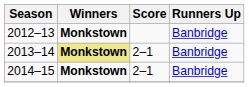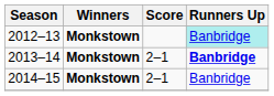 <table class="wikitable collapsible">
 <tr>
 <th>Season</th>
 <th>Winners</th>
 <th>Score</th>
 <th>Runners Up</th>
 </tr>
 <tr>
 <td>2012–13</td>
 <td><strong>Monkstown</strong> </td>
 <td></td>
-<td><a href='#'>Banbridge</a></td>
+<td style="background: paleturquoise;"><a href='#'>Banbridge</a></td>
 </tr>
 <tr>
 <td>2013–14</td>
-<td style="background: khaki;"><strong>Monkstown</strong> </td>
+<td><strong>Monkstown</strong> </td>
 <td>2–1</td>
-<td><a href='#'>Banbridge</a></td>
+<td><strong><a href='#'>Banbridge</a></strong></td>
 </tr>
 <tr>
 <td>2014–15</td>
 <td><strong>Monkstown</strong> </td>
 <td>2–1</td>
 <td><a href='#'>Banbridge</a></td>
 </tr>
 <tr>
 </tr>
 </table>
